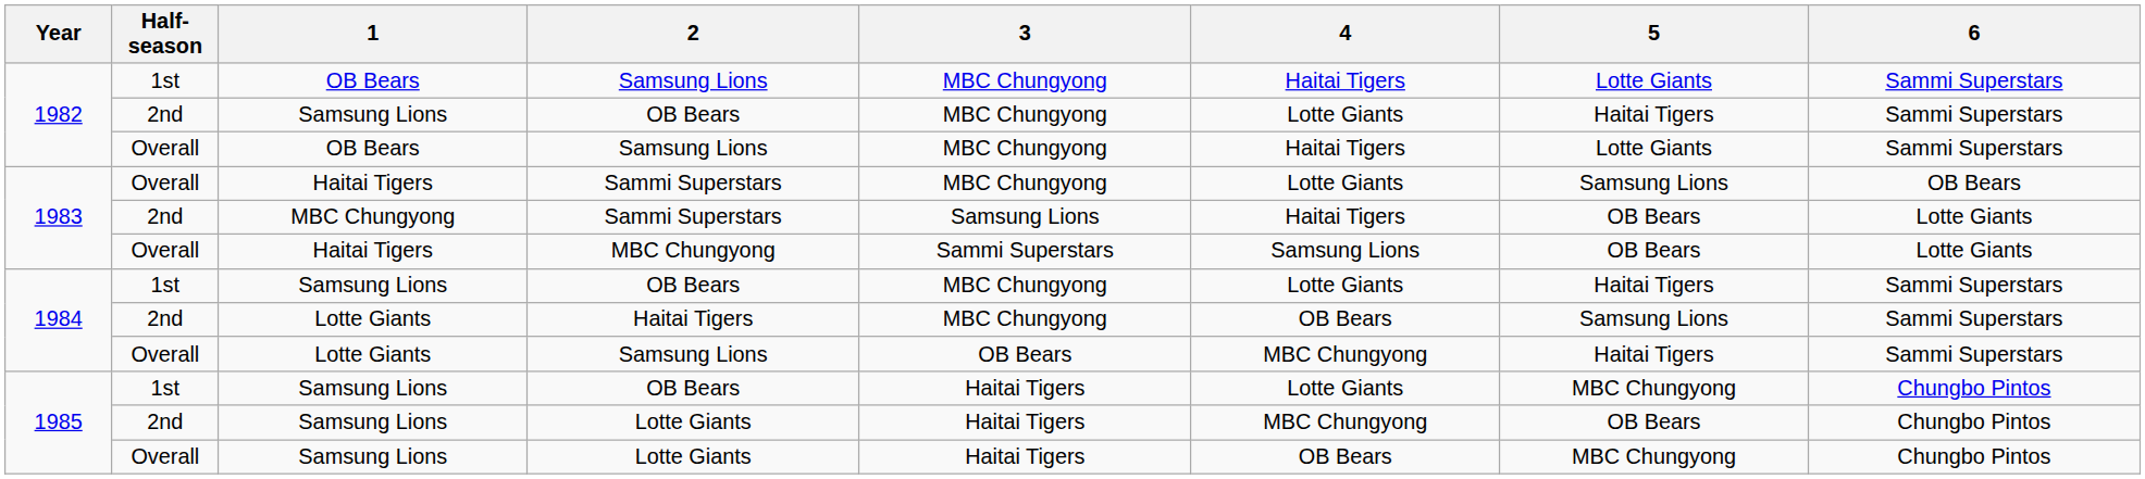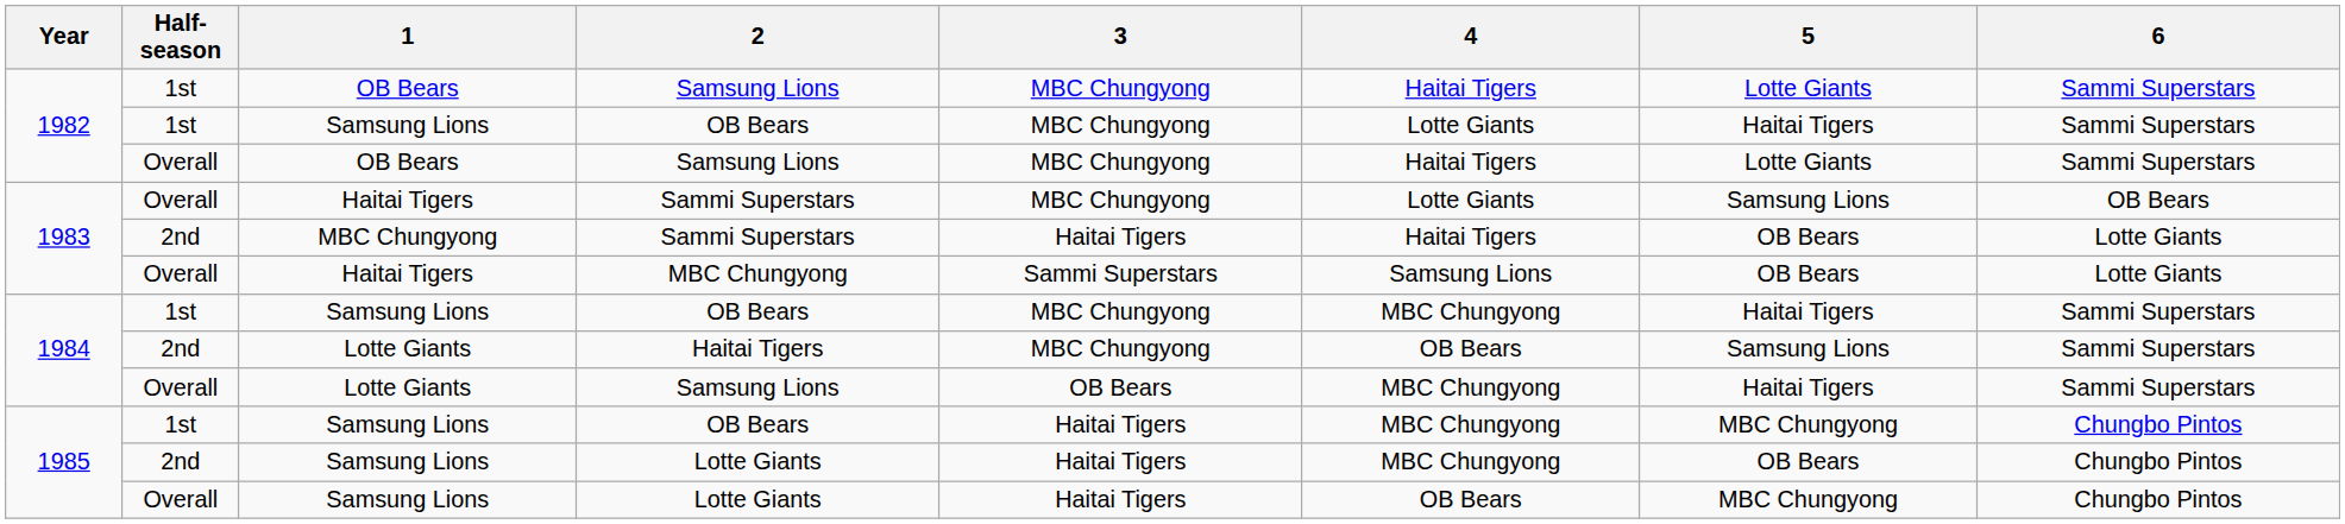 <table class="wikitable" width="100%" style="text-align:center;">
 <tr>
 <th width="5%">Year</th>
 <th width=5%>Half-season</th>
 <th>1</th>
 <th>2</th>
 <th>3</th>
 <th>4</th>
 <th>5</th>
 <th>6</th>
 </tr>
 <tr>
 <td rowspan="3"><a href='#'>1982</a></td>
 <td>1st</td>
 <td><a href='#'>OB Bears</a></td>
 <td><a href='#'>Samsung Lions</a></td>
 <td><a href='#'>MBC Chungyong</a></td>
 <td><a href='#'>Haitai Tigers</a></td>
 <td><a href='#'>Lotte Giants</a></td>
 <td><a href='#'>Sammi Superstars</a></td>
 </tr>
 <tr>
-<td>2nd</td>
+<td>1st</td>
 <td>Samsung Lions</td>
 <td>OB Bears</td>
 <td>MBC Chungyong</td>
 <td>Lotte Giants</td>
 <td>Haitai Tigers</td>
 <td>Sammi Superstars</td>
 </tr>
 <tr>
 <td>Overall</td>
 <td>OB Bears</td>
 <td>Samsung Lions</td>
 <td>MBC Chungyong</td>
 <td>Haitai Tigers</td>
 <td>Lotte Giants</td>
 <td>Sammi Superstars</td>
 </tr>
 <tr>
 <td rowspan="3"><a href='#'>1983</a></td>
 <td>Overall</td>
 <td>Haitai Tigers</td>
 <td>Sammi Superstars</td>
 <td>MBC Chungyong</td>
 <td>Lotte Giants</td>
 <td>Samsung Lions</td>
 <td>OB Bears</td>
 </tr>
 <tr>
 <td>2nd</td>
 <td>MBC Chungyong</td>
 <td>Sammi Superstars</td>
-<td>Samsung Lions</td>
+<td>Haitai Tigers</td>
 <td>Haitai Tigers</td>
 <td>OB Bears</td>
 <td>Lotte Giants</td>
 </tr>
 <tr>
 <td>Overall</td>
 <td>Haitai Tigers</td>
 <td>MBC Chungyong</td>
 <td>Sammi Superstars</td>
 <td>Samsung Lions</td>
 <td>OB Bears</td>
 <td>Lotte Giants</td>
 </tr>
 <tr>
 <td rowspan="3"><a href='#'>1984</a></td>
 <td>1st</td>
 <td>Samsung Lions</td>
 <td>OB Bears</td>
 <td>MBC Chungyong</td>
-<td>Lotte Giants</td>
+<td>MBC Chungyong</td>
 <td>Haitai Tigers</td>
 <td>Sammi Superstars</td>
 </tr>
 <tr>
 <td>2nd</td>
 <td>Lotte Giants</td>
 <td>Haitai Tigers</td>
 <td>MBC Chungyong</td>
 <td>OB Bears</td>
 <td>Samsung Lions</td>
 <td>Sammi Superstars</td>
 </tr>
 <tr>
 <td>Overall</td>
 <td>Lotte Giants</td>
 <td>Samsung Lions</td>
 <td>OB Bears</td>
 <td>MBC Chungyong</td>
 <td>Haitai Tigers</td>
 <td>Sammi Superstars</td>
 </tr>
 <tr>
 <td rowspan="3"><a href='#'>1985</a></td>
 <td>1st</td>
 <td>Samsung Lions</td>
 <td>OB Bears</td>
 <td>Haitai Tigers</td>
-<td>Lotte Giants</td>
+<td>MBC Chungyong</td>
 <td>MBC Chungyong</td>
 <td><a href='#'>Chungbo Pintos</a></td>
 </tr>
 <tr>
 <td>2nd</td>
 <td>Samsung Lions</td>
 <td>Lotte Giants</td>
 <td>Haitai Tigers</td>
 <td>MBC Chungyong</td>
 <td>OB Bears</td>
 <td>Chungbo Pintos</td>
 </tr>
 <tr>
 <td>Overall</td>
 <td>Samsung Lions</td>
 <td>Lotte Giants</td>
 <td>Haitai Tigers</td>
 <td>OB Bears</td>
 <td>MBC Chungyong</td>
 <td>Chungbo Pintos</td>
 </tr>
 </table>
